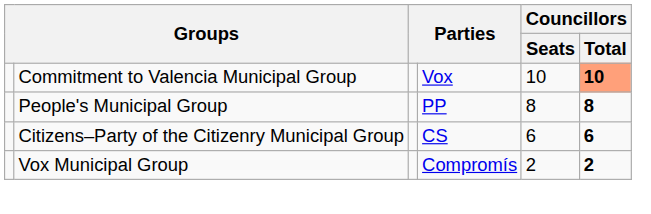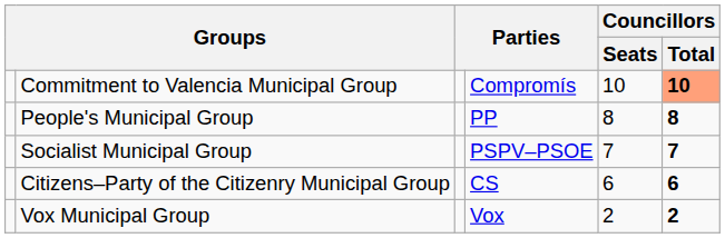 <table class="wikitable" style="text-align:left;">
 <tr>
 <th rowspan="2" colspan="2">Groups</th>
 <th rowspan="2" colspan="2">Parties</th>
 <th colspan="2">Councillors</th>
 </tr>
 <tr>
 <th>Seats</th>
 <th>Total</th>
 </tr>
 <tr>
 <td width="1" style="color:inherit;background:"></td>
 <td>Commitment to Valencia Municipal Group</td>
 <td width="1" style="color:inherit;background:"></td>
-<td><a href='#'>Vox</a></td>
+<td><a href='#'>Compromís</a></td>
 <td>10</td>
 <td style="background: lightsalmon;"><strong>10</strong></td>
 </tr>
 <tr>
 <td style="color:inherit;background:"></td>
 <td>People's Municipal Group</td>
 <td style="color:inherit;background:"></td>
 <td><a href='#'>PP</a></td>
 <td>8</td>
 <td><strong>8</strong></td>
 </tr>
 <tr>
 <td style="color:inherit;background:"></td>
+<td>Socialist Municipal Group</td>
+<td style="color:inherit;background:"></td>
+<td><a href='#'>PSPV–PSOE</a></td>
+<td>7</td>
+<td><strong>7</strong></td>
+</tr>
+<tr>
+<td style="color:inherit;background:"></td>
 <td>Citizens–Party of the Citizenry Municipal Group</td>
 <td style="color:inherit;background:"></td>
 <td><a href='#'>CS</a></td>
 <td>6</td>
 <td><strong>6</strong></td>
 </tr>
 <tr>
 <td style="color:inherit;background:"></td>
 <td>Vox Municipal Group</td>
 <td style="color:inherit;background:"></td>
-<td><a href='#'>Compromís</a></td>
+<td><a href='#'>Vox</a></td>
 <td>2</td>
 <td><strong>2</strong></td>
 </tr>
 </table>
